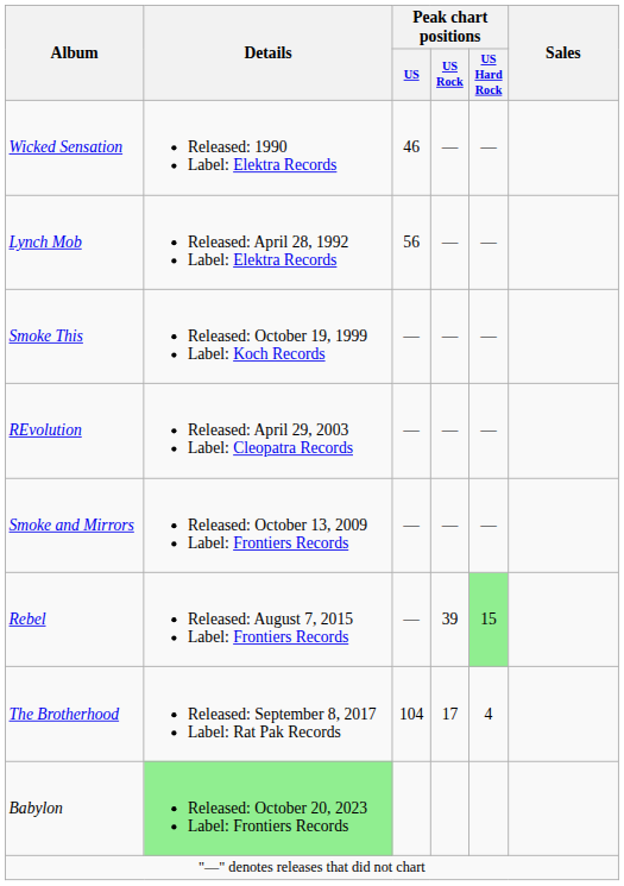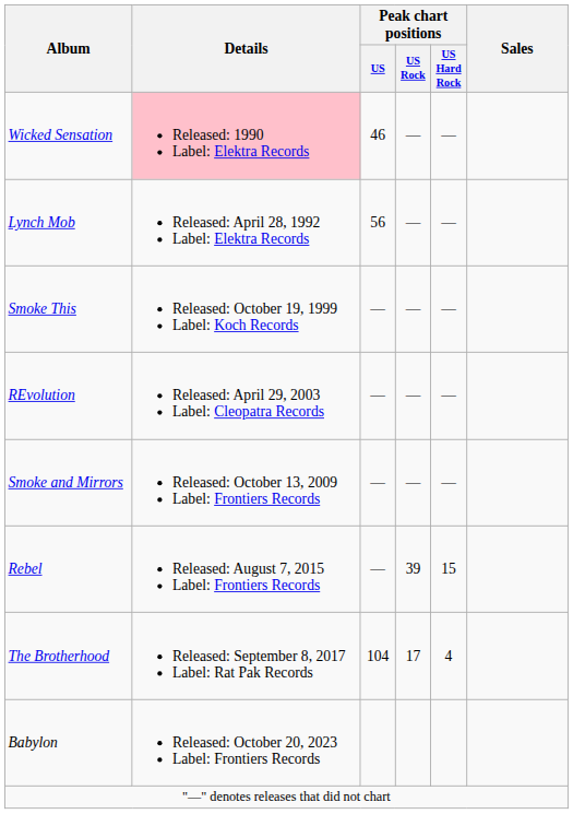 <table class="wikitable plainrowheaders" style="text-align:center;" border="1">
 <tr>
 <th scope="col" rowspan="2" style="width:10em;">Album</th>
 <th scope="col" rowspan="2" style="width:20em;">Details</th>
 <th scope="col" colspan="3">Peak chart positions</th>
 <th scope="col" rowspan="2" style="width:9em;">Sales</th>
 </tr>
 <tr>
 <th scope="col" style="width:3em;font-size:75%;"><a href='#'>US</a><br></th>
 <th scope="col" style="width:3em;font-size:75%;"><a href='#'>US<br>Rock</a><br></th>
 <th scope="col" style="width:3em;font-size:75%;"><a href='#'>US<br>Hard Rock</a><br></th>
 </tr>
 <tr>
 <td style="text-align:left;"><em><a href='#'>Wicked Sensation</a></em></td>
-<td style="text-align:left;"><br><ul><li>Released: 1990</li><li>Label: <a href='#'>Elektra Records</a></li></ul></td>
+<td style="background: pink; text-align:left;"><br><ul><li>Released: 1990</li><li>Label: <a href='#'>Elektra Records</a></li></ul></td>
 <td>46</td>
 <td>—</td>
 <td>—</td>
 <td></td>
 </tr>
 <tr>
 <td style="text-align:left;"><em><a href='#'>Lynch Mob</a></em></td>
 <td style="text-align:left;"><br><ul><li>Released:  April 28, 1992</li><li>Label: <a href='#'>Elektra Records</a></li></ul></td>
 <td>56</td>
 <td>—</td>
 <td>—</td>
 <td></td>
 </tr>
 <tr>
 <td style="text-align:left;"><em><a href='#'>Smoke This</a></em></td>
 <td style="text-align:left;"><br><ul><li>Released:  October 19, 1999</li><li>Label: <a href='#'>Koch Records</a></li></ul></td>
 <td>—</td>
 <td>—</td>
 <td>—</td>
 <td></td>
 </tr>
 <tr>
 <td style="text-align:left;"><em><a href='#'>REvolution</a></em></td>
 <td style="text-align:left;"><br><ul><li>Released: April 29, 2003</li><li>Label: <a href='#'>Cleopatra Records</a></li></ul></td>
 <td>—</td>
 <td>—</td>
 <td>—</td>
 <td></td>
 </tr>
 <tr>
 <td style="text-align:left;"><em><a href='#'>Smoke and Mirrors</a></em></td>
 <td style="text-align:left;"><br><ul><li>Released:  October 13, 2009</li><li>Label: <a href='#'>Frontiers Records</a></li></ul></td>
 <td>—</td>
 <td>—</td>
 <td>—</td>
 <td></td>
 </tr>
 <tr>
 <td style="text-align:left;"><em><a href='#'>Rebel</a></em></td>
 <td style="text-align:left;"><br><ul><li>Released:  August 7, 2015</li><li>Label: <a href='#'>Frontiers Records</a></li></ul></td>
 <td>—</td>
 <td>39</td>
-<td style="background: lightgreen;">15</td>
+<td>15</td>
 <td></td>
 </tr>
 <tr>
 <td style="text-align:left;"><em><a href='#'>The Brotherhood</a></em></td>
 <td style="text-align:left;"><br><ul><li>Released:  September 8, 2017</li><li>Label: Rat Pak Records</li></ul></td>
 <td>104</td>
 <td>17</td>
 <td>4</td>
 <td></td>
 </tr>
 <tr>
 <td style="text-align:left;"><em>Babylon</em></td>
-<td style="background: lightgreen; text-align:left;"><br><ul><li>Released:  October 20, 2023</li><li>Label: Frontiers Records</li></ul></td>
+<td style="text-align:left;"><br><ul><li>Released:  October 20, 2023</li><li>Label: Frontiers Records</li></ul></td>
 <td></td>
 <td></td>
 <td></td>
 <td></td>
 </tr>
 <tr>
 <td colspan="14" style="font-size:90%">"—" denotes releases that did not chart</td>
 </tr>
 </table>
